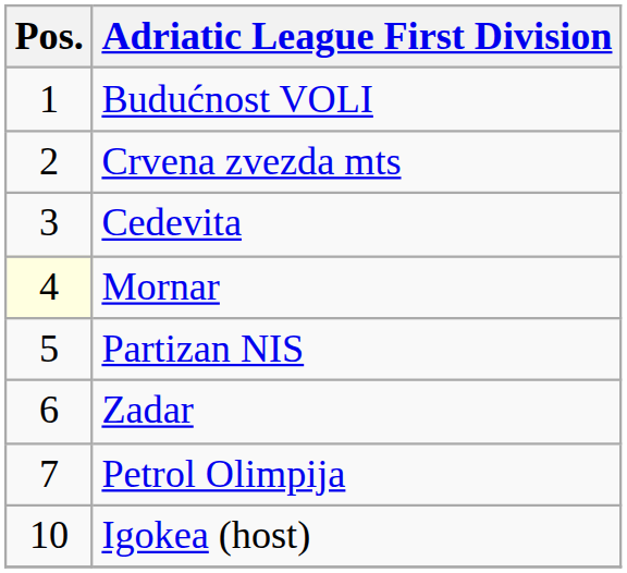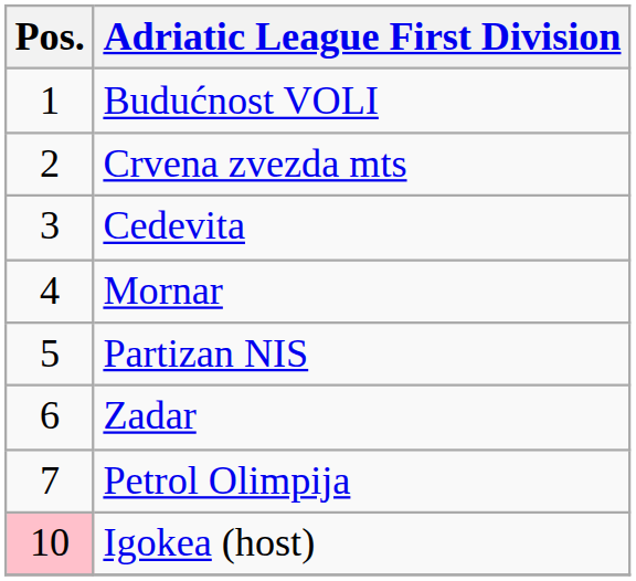 <table class=wikitable>
 <tr>
 <th>Pos.</th>
 <th><a href='#'>Adriatic League First Division</a></th>
 </tr>
 <tr>
 <td align=center>1</td>
 <td> <a href='#'>Budućnost VOLI</a></td>
 </tr>
 <tr>
 <td align=center>2</td>
 <td> <a href='#'>Crvena zvezda mts</a></td>
 </tr>
 <tr>
 <td align=center>3</td>
 <td> <a href='#'>Cedevita</a></td>
 </tr>
 <tr>
-<td align=center style="background: lightyellow;">4</td>
+<td align=center>4</td>
 <td> <a href='#'>Mornar</a></td>
 </tr>
 <tr>
 <td align=center>5</td>
 <td> <a href='#'>Partizan NIS</a></td>
 </tr>
 <tr>
 <td align=center>6</td>
 <td> <a href='#'>Zadar</a></td>
 </tr>
 <tr>
 <td align=center>7</td>
 <td> <a href='#'>Petrol Olimpija</a></td>
 </tr>
 <tr>
-<td align=center>10</td>
+<td align=center style="background: pink;">10</td>
 <td> <a href='#'>Igokea</a> (host)</td>
 </tr>
 <tr>
 </tr>
 </table>
